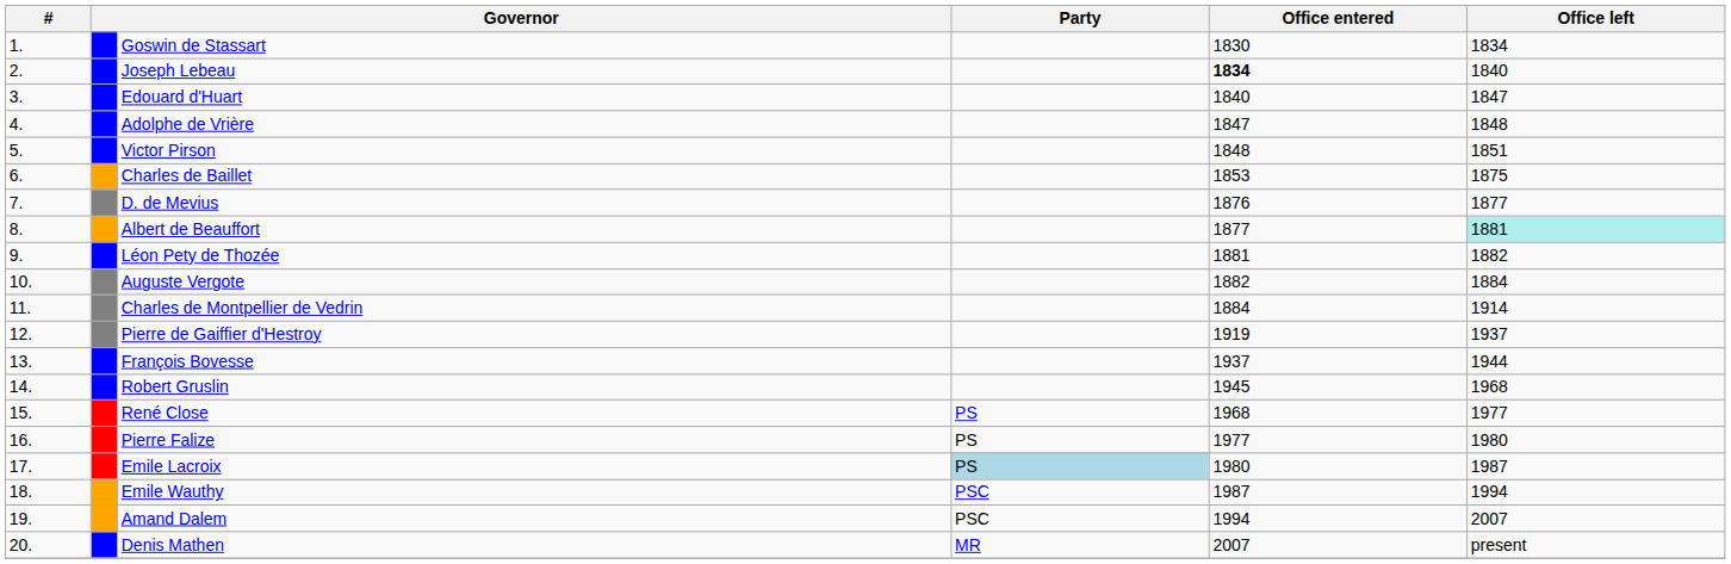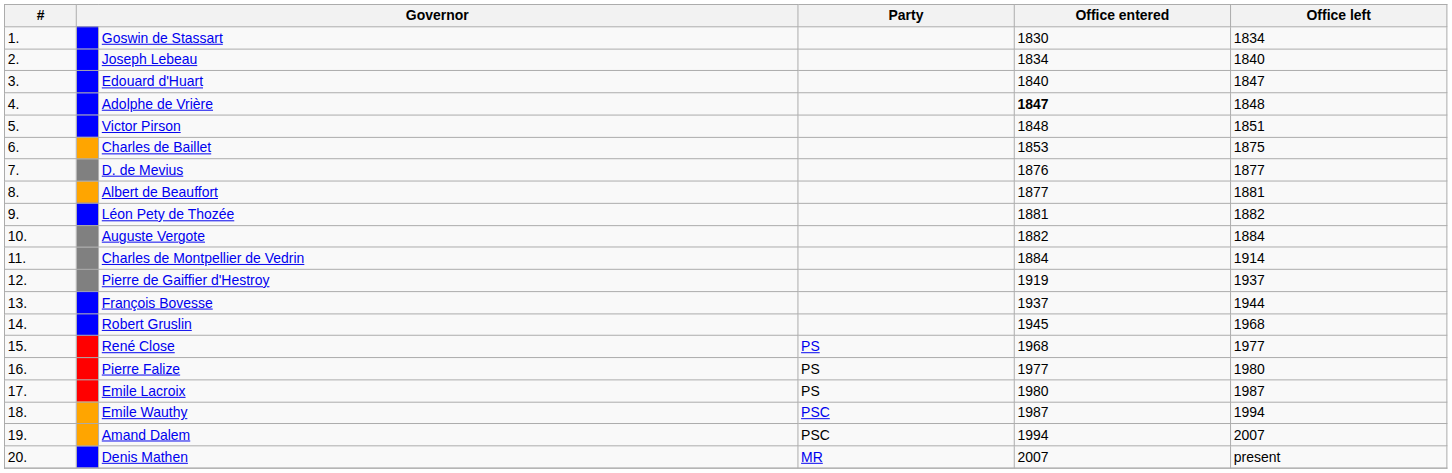 <table class="wikitable" style="text-align:left; font-size:90%; width:75%">
 <tr>
 <th>#</th>
 <th colspan=2 width=50%>Governor</th>
 <th width=15%>Party</th>
 <th width=15%>Office entered</th>
 <th width=15%>Office left</th>
 </tr>
 <tr>
 <td>1.</td>
 <td bgcolor="blue"></td>
 <td><a href='#'>Goswin de Stassart</a></td>
 <td></td>
 <td>1830</td>
 <td>1834</td>
 </tr>
 <tr>
 <td>2.</td>
 <td bgcolor="blue"></td>
 <td><a href='#'>Joseph Lebeau</a></td>
 <td></td>
-<td><strong>1834</strong></td>
+<td>1834</td>
 <td>1840</td>
 </tr>
 <tr>
 <td>3.</td>
 <td bgcolor="blue"></td>
 <td><a href='#'>Edouard d'Huart</a></td>
 <td></td>
 <td>1840</td>
 <td>1847</td>
 </tr>
 <tr>
 <td>4.</td>
 <td bgcolor="blue"></td>
 <td><a href='#'>Adolphe de Vrière</a></td>
 <td></td>
-<td>1847</td>
+<td><strong>1847</strong></td>
 <td>1848</td>
 </tr>
 <tr>
 <td>5.</td>
 <td bgcolor="blue"></td>
 <td><a href='#'>Victor Pirson</a></td>
 <td></td>
 <td>1848</td>
 <td>1851</td>
 </tr>
 <tr>
 <td>6.</td>
 <td bgcolor="orange"></td>
 <td><a href='#'>Charles de Baillet</a></td>
 <td></td>
 <td>1853</td>
 <td>1875</td>
 </tr>
 <tr>
 <td>7.</td>
 <td bgcolor="grey"></td>
 <td><a href='#'>D. de Mevius</a></td>
 <td></td>
 <td>1876</td>
 <td>1877</td>
 </tr>
 <tr>
 <td>8.</td>
 <td bgcolor="orange"></td>
 <td><a href='#'>Albert de Beauffort</a></td>
 <td></td>
 <td>1877</td>
-<td style="background: paleturquoise;">1881</td>
+<td>1881</td>
 </tr>
 <tr>
 <td>9.</td>
 <td bgcolor="blue"></td>
 <td><a href='#'>Léon Pety de Thozée</a></td>
 <td></td>
 <td>1881</td>
 <td>1882</td>
 </tr>
 <tr>
 <td>10.</td>
 <td bgcolor="grey"></td>
 <td><a href='#'>Auguste Vergote</a></td>
 <td></td>
 <td>1882</td>
 <td>1884</td>
 </tr>
 <tr>
 <td>11.</td>
 <td bgcolor="grey"></td>
 <td><a href='#'>Charles de Montpellier de Vedrin</a></td>
 <td></td>
 <td>1884</td>
 <td>1914</td>
 </tr>
 <tr>
 <td>12.</td>
 <td bgcolor="grey"></td>
 <td><a href='#'>Pierre de Gaiffier d'Hestroy</a></td>
 <td></td>
 <td>1919</td>
 <td>1937</td>
 </tr>
 <tr>
 <td>13.</td>
 <td bgcolor="blue"></td>
 <td><a href='#'>François Bovesse</a></td>
 <td></td>
 <td>1937</td>
 <td>1944</td>
 </tr>
 <tr>
 <td>14.</td>
 <td bgcolor="blue"></td>
 <td><a href='#'>Robert Gruslin</a></td>
 <td></td>
 <td>1945</td>
 <td>1968</td>
 </tr>
 <tr>
 <td>15.</td>
 <td bgcolor="red"></td>
 <td><a href='#'>René Close</a></td>
 <td><a href='#'>PS</a></td>
 <td>1968</td>
 <td>1977</td>
 </tr>
 <tr>
 <td>16.</td>
 <td bgcolor="red"></td>
 <td><a href='#'>Pierre Falize</a></td>
 <td>PS</td>
 <td>1977</td>
 <td>1980</td>
 </tr>
 <tr>
 <td>17.</td>
 <td bgcolor="red"></td>
 <td><a href='#'>Emile Lacroix</a></td>
-<td style="background: lightblue;">PS</td>
+<td>PS</td>
 <td>1980</td>
 <td>1987</td>
 </tr>
 <tr>
 <td>18.</td>
 <td bgcolor="orange"></td>
 <td><a href='#'>Emile Wauthy</a></td>
 <td><a href='#'>PSC</a></td>
 <td>1987</td>
 <td>1994</td>
 </tr>
 <tr>
 <td>19.</td>
 <td bgcolor="orange"></td>
 <td><a href='#'>Amand Dalem</a></td>
 <td>PSC</td>
 <td>1994</td>
 <td>2007</td>
 </tr>
 <tr>
 <td>20.</td>
 <td bgcolor="blue"></td>
 <td><a href='#'>Denis Mathen</a></td>
 <td><a href='#'>MR</a></td>
 <td>2007</td>
 <td>present</td>
 </tr>
 <tr>
 </tr>
 </table>
